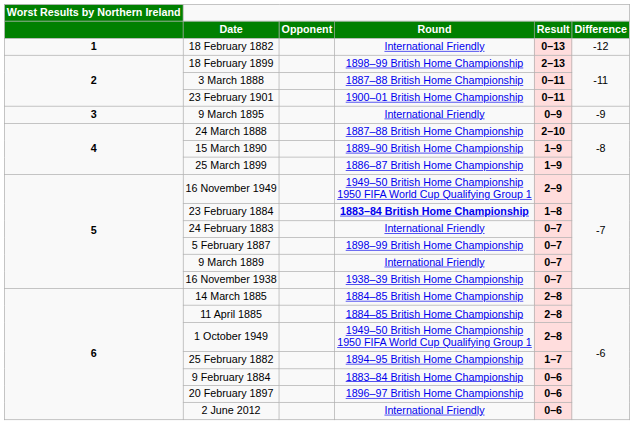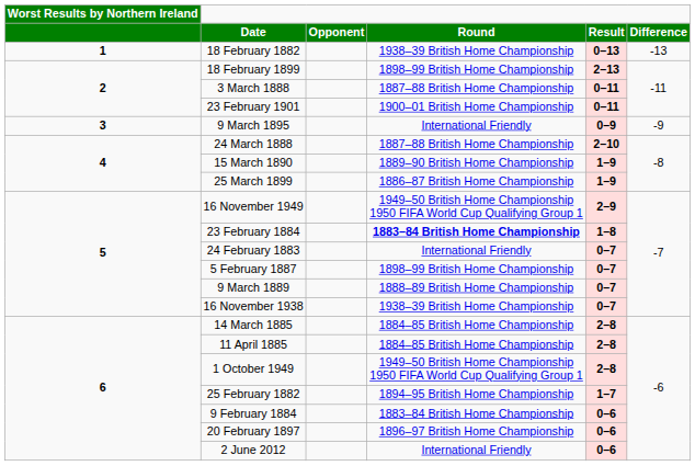 <table class="wikitable" style="text-align:center;">
 <tr>
 <th style="background-color:#008000; color:white; ">Worst Results by Northern Ireland</th>
 </tr>
 <tr>
 <th style="background-color:#008000; color:white; "></th>
 <th style="background-color:#008000; color:white; ">Date</th>
 <th style="background-color:#008000; color:white; ">Opponent</th>
 <th style="background-color:#008000; color:white; ">Round</th>
 <th style="background-color:#008000; color:white; ">Result</th>
 <th style="background-color:#008000; color:white; ">Difference</th>
 </tr>
 <tr>
 <td><strong>1</strong></td>
 <td>18 February 1882</td>
 <td style="text-align:left;"></td>
-<td><a href='#'>International Friendly</a></td>
+<td>    <a href='#'>1938–39 British Home Championship</a></td>
 <td style="background:#fdd;"><strong>0–13</strong></td>
-<td>-12</td>
+<td>-13</td>
 </tr>
 <tr>
 <td rowspan="3"><strong>2</strong></td>
 <td>18 February 1899</td>
 <td style="text-align:left;"></td>
 <td>    <a href='#'>1898–99 British Home Championship</a></td>
 <td style="background:#fdd;"><strong>2–13</strong></td>
 <td rowspan="3">-11</td>
 </tr>
 <tr>
 <td>3 March 1888</td>
 <td style="text-align:left;"></td>
 <td>    <a href='#'>1887–88 British Home Championship</a></td>
 <td style="background:#fdd;"><strong>0–11</strong></td>
 </tr>
 <tr>
 <td>23 February 1901</td>
 <td style="text-align:left;"></td>
 <td>    <a href='#'>1900–01 British Home Championship</a></td>
 <td style="background:#fdd;"><strong>0–11</strong></td>
 </tr>
 <tr>
 <td><strong>3</strong></td>
 <td>9 March 1895</td>
 <td style="text-align:left;"></td>
 <td><a href='#'>International Friendly</a></td>
 <td style="background:#fdd;"><strong>0–9</strong></td>
 <td>-9</td>
 </tr>
 <tr>
 <td rowspan="3"><strong>4</strong></td>
 <td>24 March 1888</td>
 <td style="text-align:left;"></td>
 <td>    <a href='#'>1887–88 British Home Championship</a></td>
 <td style="background:#fdd;"><strong>2–10</strong></td>
 <td rowspan="3">-8</td>
 </tr>
 <tr>
 <td>15 March 1890</td>
 <td style="text-align:left;"></td>
 <td>    <a href='#'>1889–90 British Home Championship</a></td>
 <td style="background:#fdd;"><strong>1–9</strong></td>
 </tr>
 <tr>
 <td>25 March 1899</td>
 <td style="text-align:left;"></td>
 <td>    <a href='#'>1886–87 British Home Championship</a></td>
 <td style="background:#fdd;"><strong>1–9</strong></td>
 </tr>
 <tr>
 <td rowspan="6"><strong>5</strong></td>
 <td>16 November 1949</td>
 <td style="text-align:left;"></td>
 <td>    <a href='#'>1949–50 British Home Championship</a><br> <a href='#'>1950 FIFA World Cup Qualifying Group 1</a></td>
 <td style="background:#fdd;"><strong>2–9</strong></td>
 <td rowspan="6">-7</td>
 </tr>
 <tr>
 <td>23 February 1884</td>
 <td style="text-align:left;"></td>
 <td><strong>    <a href='#'>1883–84 British Home Championship</a></strong></td>
 <td style="background:#fdd;"><strong>1–8</strong></td>
 </tr>
 <tr>
 <td>24 February 1883</td>
 <td style="text-align:left;"></td>
 <td><a href='#'>International Friendly</a></td>
 <td style="background:#fdd;"><strong>0–7</strong></td>
 </tr>
 <tr>
 <td>5 February 1887</td>
 <td style="text-align:left;"></td>
 <td>    <a href='#'>1898–99 British Home Championship</a></td>
 <td style="background:#fdd;"><strong>0–7</strong></td>
 </tr>
 <tr>
 <td>9 March 1889</td>
 <td style="text-align:left;"></td>
-<td><a href='#'>International Friendly</a></td>
+<td>    <a href='#'>1888–89 British Home Championship</a></td>
 <td style="background:#fdd;"><strong>0–7</strong></td>
 </tr>
 <tr>
 <td>16 November 1938</td>
 <td style="text-align:left;"></td>
 <td>    <a href='#'>1938–39 British Home Championship</a></td>
 <td style="background:#fdd;"><strong>0–7</strong></td>
 </tr>
 <tr>
 <td rowspan="7"><strong>6</strong></td>
 <td>14 March 1885</td>
 <td style="text-align:left;"></td>
 <td>    <a href='#'>1884–85 British Home Championship</a></td>
 <td style="background:#fdd;"><strong>2–8</strong></td>
 <td rowspan="7">-6</td>
 </tr>
 <tr>
 <td>11 April 1885</td>
 <td style="text-align:left;"></td>
 <td>    <a href='#'>1884–85 British Home Championship</a></td>
 <td style="background:#fdd;"><strong>2–8</strong></td>
 </tr>
 <tr>
 <td>1 October 1949</td>
 <td style="text-align:left;"></td>
 <td>    <a href='#'>1949–50 British Home Championship</a><br> <a href='#'>1950 FIFA World Cup Qualifying Group 1</a></td>
 <td style="background:#fdd;"><strong>2–8</strong></td>
 </tr>
 <tr>
 <td>25 February 1882</td>
 <td style="text-align:left;"></td>
 <td>    <a href='#'>1894–95 British Home Championship</a></td>
 <td style="background:#fdd;"><strong>1–7</strong></td>
 </tr>
 <tr>
 <td>9 February 1884</td>
 <td style="text-align:left;"></td>
 <td>    <a href='#'>1883–84 British Home Championship</a></td>
 <td style="background:#fdd;"><strong>0–6</strong></td>
 </tr>
 <tr>
 <td>20 February 1897</td>
 <td style="text-align:left;"></td>
 <td>    <a href='#'>1896–97 British Home Championship</a></td>
 <td style="background:#fdd;"><strong>0–6</strong></td>
 </tr>
 <tr>
 <td>2 June 2012</td>
 <td style="text-align:left;"></td>
 <td><a href='#'>International Friendly</a></td>
 <td style="background:#fdd;"><strong>0–6</strong></td>
 </tr>
 </table>
